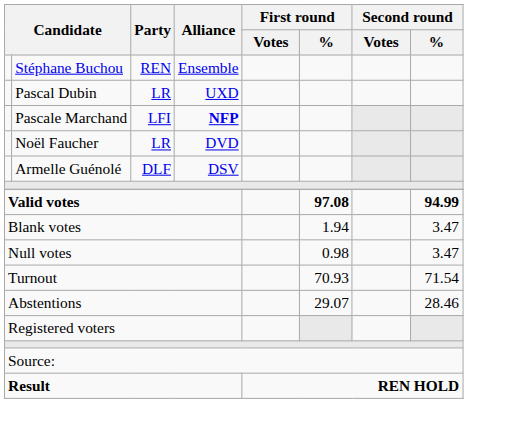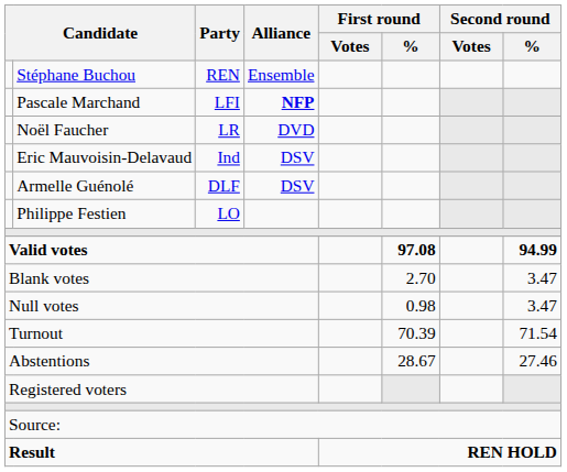 <table class="wikitable" style="text-align:right;font-size:95%;">
 <tr>
 <th colspan="2" rowspan="2">Candidate</th>
 <th colspan="1" rowspan="2">Party</th>
 <th colspan="1" rowspan="2">Alliance</th>
 <th colspan="2">First round</th>
 <th colspan="2">Second round</th>
 </tr>
 <tr>
 <th style="width:50px;">Votes</th>
 <th style="width:45px;">%</th>
 <th style="width:50px;">Votes</th>
 <th style="width:45px;">%</th>
 </tr>
 <tr>
 <td style="color:inherit;background:"></td>
 <td style="text-align:left;"><a href='#'>Stéphane Buchou</a></td>
 <td><a href='#'>REN</a></td>
 <td><a href='#'>Ensemble</a></td>
 <td></td>
 <td></td>
 <td><strong></strong></td>
 <td><strong></strong></td>
 </tr>
 <tr>
 <td style="color:inherit;background:"></td>
-<td style="text-align:left;">Pascal Dubin</td>
-<td><a href='#'>LR</a></td>
-<td><a href='#'>UXD</a></td>
-<td></td>
-<td></td>
-<td></td>
-<td></td>
-</tr>
-<tr>
-<td style="color:inherit;background:"></td>
 <td style="text-align:left;">Pascale Marchand</td>
 <td><a href='#'>LFI</a></td>
 <td><strong><a href='#'>NFP</a></strong></td>
 <td></td>
 <td></td>
 <td style="background:#E9E9E9;"></td>
 <td style="background:#E9E9E9;"></td>
 </tr>
 <tr>
 <td style="color:inherit;background:"></td>
 <td style="text-align:left;">Noël Faucher</td>
 <td><a href='#'>LR</a></td>
 <td><a href='#'>DVD</a></td>
 <td></td>
 <td></td>
 <td style="background:#E9E9E9;"></td>
 <td style="background:#E9E9E9;"></td>
 </tr>
 <tr>
 <td style="color:inherit;background:"></td>
+<td style="text-align:left;">Eric Mauvoisin-Delavaud</td>
+<td><a href='#'>Ind</a></td>
+<td><a href='#'>DSV</a></td>
+<td></td>
+<td></td>
+<td style="background:#E9E9E9;"></td>
+<td style="background:#E9E9E9;"></td>
+</tr>
+<tr>
+<td style="color:inherit;background:"></td>
 <td style="text-align:left;">Armelle Guénolé</td>
 <td><a href='#'>DLF</a></td>
 <td><a href='#'>DSV</a></td>
+<td></td>
+<td></td>
+<td style="background:#E9E9E9;"></td>
+<td style="background:#E9E9E9;"></td>
+</tr>
+<tr>
+<td style="color:inherit;background:"></td>
+<td style="text-align:left;">Philippe Festien</td>
+<td><a href='#'>LO</a></td>
+<td></td>
 <td></td>
 <td></td>
 <td style="background:#E9E9E9;"></td>
 <td style="background:#E9E9E9;"></td>
 </tr>
 <tr>
 <td colspan="8" style="background:#E9E9E9;"></td>
 </tr>
 <tr>
 </tr>
 <tr style="font-weight:bold;">
 <td colspan="4" style="text-align:left;">Valid votes</td>
 <td></td>
 <td>97.08</td>
 <td></td>
 <td>94.99</td>
 </tr>
 <tr>
 <td colspan="4" style="text-align:left;">Blank votes</td>
 <td></td>
-<td>1.94</td>
+<td>2.70</td>
 <td></td>
 <td>3.47</td>
 </tr>
 <tr>
 <td colspan="4" style="text-align:left;">Null votes</td>
 <td></td>
 <td>0.98</td>
 <td></td>
 <td>3.47</td>
 </tr>
 <tr>
 <td colspan="4" style="text-align:left;">Turnout</td>
 <td></td>
-<td>70.93</td>
+<td>70.39</td>
 <td></td>
 <td>71.54</td>
 </tr>
 <tr>
 <td colspan="4" style="text-align:left;">Abstentions</td>
 <td></td>
-<td>29.07</td>
+<td>28.67</td>
 <td></td>
-<td>28.46</td>
+<td>27.46</td>
 </tr>
 <tr>
 <td colspan="4" style="text-align:left;">Registered voters</td>
 <td></td>
 <td style="background:#E9E9E9;"></td>
 <td></td>
 <td style="background:#E9E9E9;"></td>
 </tr>
 <tr>
 <td colspan="8" style="background:#E9E9E9;"></td>
 </tr>
 <tr>
 <td colspan="8" style="text-align:left;">Source: </td>
 </tr>
 <tr style="font-weight:bold">
 <td colspan="4" style="text-align:left;">Result</td>
 <td colspan="4" style="background-color:">REN HOLD</td>
 </tr>
 </table>
